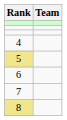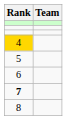 <table class="wikitable" style="text-align: center;">
 <tr>
 <th>Rank</th>
 <th>Team</th>
 </tr>
 <tr bgcolor="ccffcc">
 <td></td>
 <td align="left"></td>
 </tr>
 <tr>
 <td></td>
 <td align="left"></td>
 </tr>
 <tr>
 <td></td>
 <td align="left"></td>
 </tr>
 <tr>
-<td>4</td>
+<td style="background: gold;">4</td>
 <td align="left"></td>
 </tr>
 <tr>
-<td style="background: khaki;">5</td>
+<td>5</td>
 <td align="left"></td>
 </tr>
 <tr>
 <td>6</td>
 <td align="left"></td>
 </tr>
 <tr>
-<td>7</td>
+<td><strong>7</strong></td>
 <td align="left"></td>
 </tr>
 <tr>
-<td style="background: khaki;">8</td>
+<td>8</td>
 <td align="left"></td>
 </tr>
 </table>
